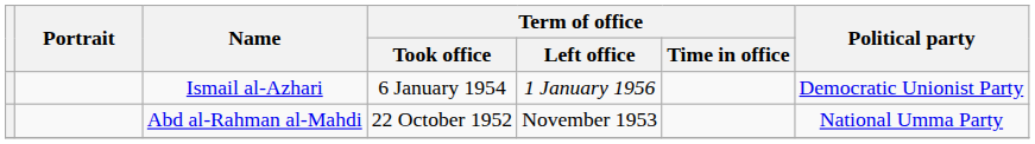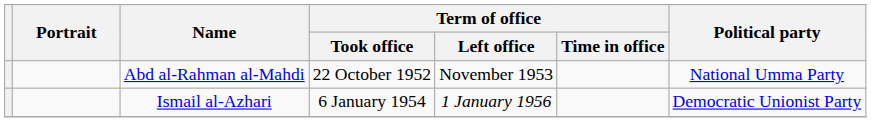 <table class="wikitable" style="text-align:center">
 <tr>
 <th rowspan="2"></th>
 <th rowspan="2" width="90px">Portrait</th>
 <th rowspan="2">Name<br></th>
 <th colspan="3">Term of office</th>
 <th rowspan="2">Political party</th>
 </tr>
 <tr>
 <th>Took office</th>
 <th>Left office</th>
 <th>Time in office</th>
 </tr>
 <tr>
 <th style="background:"></th>
 <td></td>
+<td><a href='#'>Abd al-Rahman al-Mahdi</a></td>
+<td>22 October 1952</td>
+<td>November 1953</td>
+<td></td>
+<td><a href='#'>National Umma Party</a></td>
+</tr>
+<tr>
+<th style="background:"></th>
+<td></td>
 <td><a href='#'>Ismail al-Azhari</a><br></td>
 <td>6 January 1954</td>
 <td><em>1 January 1956</em></td>
 <td></td>
 <td><a href='#'>Democratic Unionist Party</a></td>
 </tr>
 <tr>
-<th style="background:"></th>
-<td></td>
-<td><a href='#'>Abd al-Rahman al-Mahdi</a></td>
-<td>22 October 1952</td>
-<td>November 1953</td>
-<td></td>
-<td><a href='#'>National Umma Party</a></td>
-</tr>
-<tr>
 </tr>
 </table>
